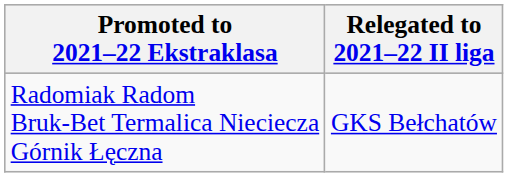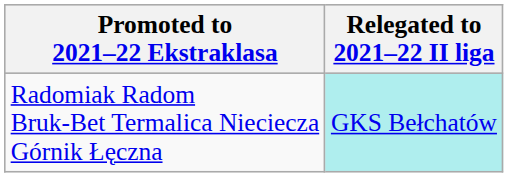 <table class="wikitable">
 <tr>
 <th>Promoted to<br><a href='#'>2021–22 Ekstraklasa</a></th>
 <th>Relegated to<br><a href='#'>2021–22 II liga</a></th>
 </tr>
 <tr>
 <td> <a href='#'>Radomiak Radom</a><br> <a href='#'>Bruk-Bet Termalica Nieciecza</a><br> <a href='#'>Górnik Łęczna</a></td>
-<td> <a href='#'>GKS Bełchatów</a></td>
+<td style="background: paleturquoise;"> <a href='#'>GKS Bełchatów</a></td>
 </tr>
 </table>
